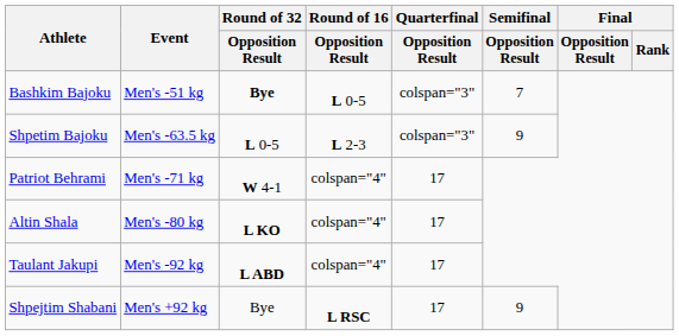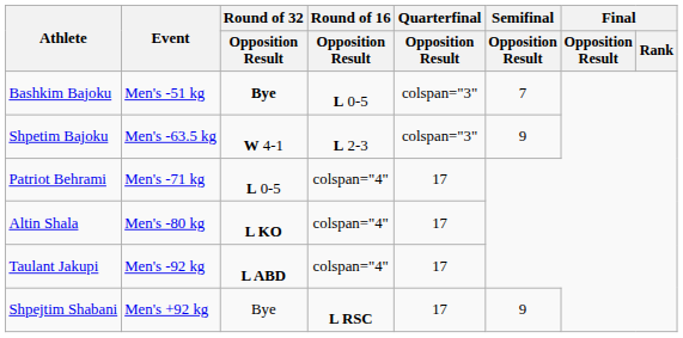 <table class="wikitable" style="text-align:center; font-size:90%">
 <tr>
 <th rowspan="2">Athlete</th>
 <th rowspan="2">Event</th>
 <th>Round of 32</th>
 <th>Round of 16</th>
 <th>Quarterfinal</th>
 <th>Semifinal</th>
 <th colspan="2">Final</th>
 </tr>
 <tr style="font-size:95%">
 <th>Opposition<br>Result</th>
 <th>Opposition<br>Result</th>
 <th>Opposition<br>Result</th>
 <th>Opposition<br>Result</th>
 <th>Opposition<br>Result</th>
 <th>Rank</th>
 </tr>
 <tr>
 <td align="left"><a href='#'>Bashkim Bajoku</a></td>
 <td align="left"><a href='#'>Men's -51 kg</a></td>
 <td><strong>Bye</strong></td>
 <td><br><strong>L</strong> 0-5</td>
 <td>colspan="3" </td>
 <td>7</td>
 </tr>
 <tr>
 <td align="left"><a href='#'>Shpetim Bajoku</a></td>
 <td align="left"><a href='#'>Men's -63.5 kg</a></td>
-<td><br><strong>L</strong> 0-5</td>
+<td><br><strong>W</strong> 4-1</td>
 <td><br><strong>L</strong> 2-3</td>
 <td>colspan="3" </td>
 <td>9</td>
 </tr>
 <tr>
 <td align="left"><a href='#'>Patriot Behrami</a></td>
 <td align="left"><a href='#'>Men's -71 kg</a></td>
-<td><br><strong>W</strong> 4-1</td>
+<td><br><strong>L</strong> 0-5</td>
 <td>colspan="4" </td>
 <td>17</td>
 </tr>
 <tr>
 <td align="left"><a href='#'>Altin Shala</a></td>
 <td align="left"><a href='#'>Men's -80 kg</a></td>
 <td><br><strong>L KO</strong></td>
 <td>colspan="4" </td>
 <td>17</td>
 </tr>
 <tr>
 <td align="left"><a href='#'>Taulant Jakupi</a></td>
 <td align="left"><a href='#'>Men's -92 kg</a></td>
 <td><br><strong>L ABD</strong></td>
 <td>colspan="4" </td>
 <td>17</td>
 </tr>
 <tr>
 <td align="left"><a href='#'>Shpejtim Shabani</a></td>
 <td align="left"><a href='#'>Men's +92 kg</a></td>
 <td>Bye</td>
 <td><br><strong>L RSC</strong></td>
 <td>17</td>
 <td>9</td>
 </tr>
 </table>
